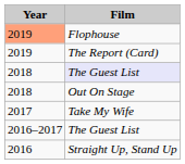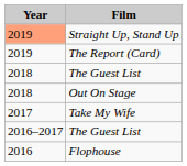 <table class="wikitable">
 <tr>
 <th style="background:#ccc;">Year</th>
 <th style="background:#ccc;">Film</th>
 </tr>
 <tr>
 <td style="background: lightsalmon;">2019</td>
-<td><em>Flophouse</em></td>
+<td><em>Straight Up, Stand Up</em></td>
 </tr>
 <tr>
 <td>2019</td>
 <td><em>The Report (Card)</em></td>
 </tr>
 <tr>
 <td>2018</td>
-<td style="background: lavender;"><em>The Guest List</em></td>
+<td><em>The Guest List</em></td>
 </tr>
 <tr>
 <td>2018</td>
 <td><em>Out On Stage</em></td>
 </tr>
 <tr>
 <td>2017</td>
 <td><em>Take My Wife</em></td>
 </tr>
 <tr>
 <td>2016–2017</td>
 <td><em>The Guest List</em></td>
 </tr>
 <tr>
 <td>2016</td>
-<td><em>Straight Up, Stand Up</em></td>
+<td><em>Flophouse</em></td>
 </tr>
 </table>
